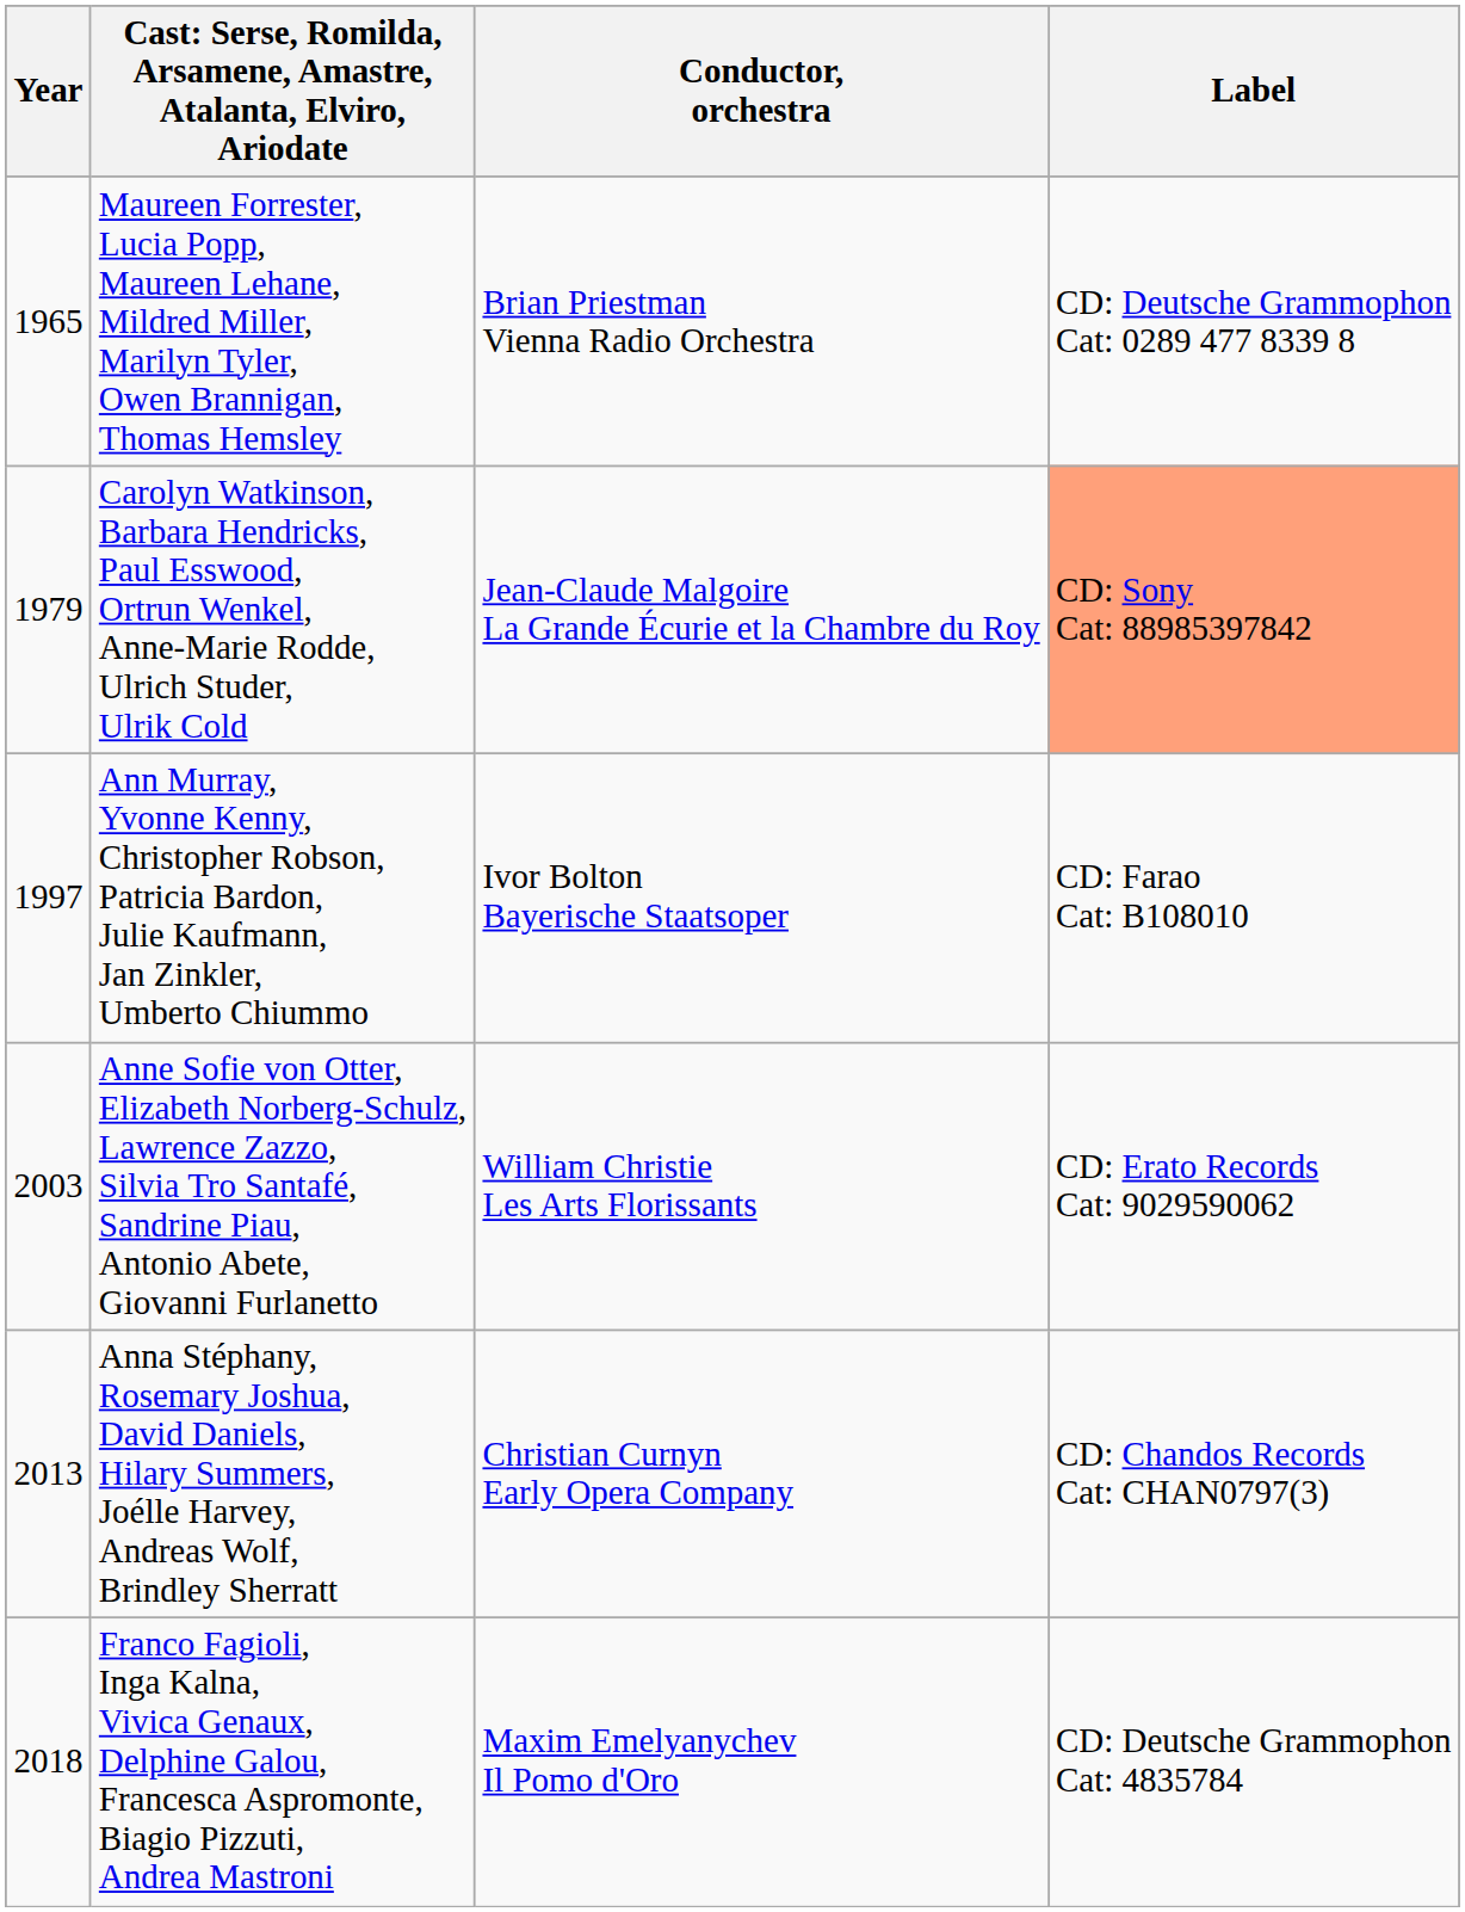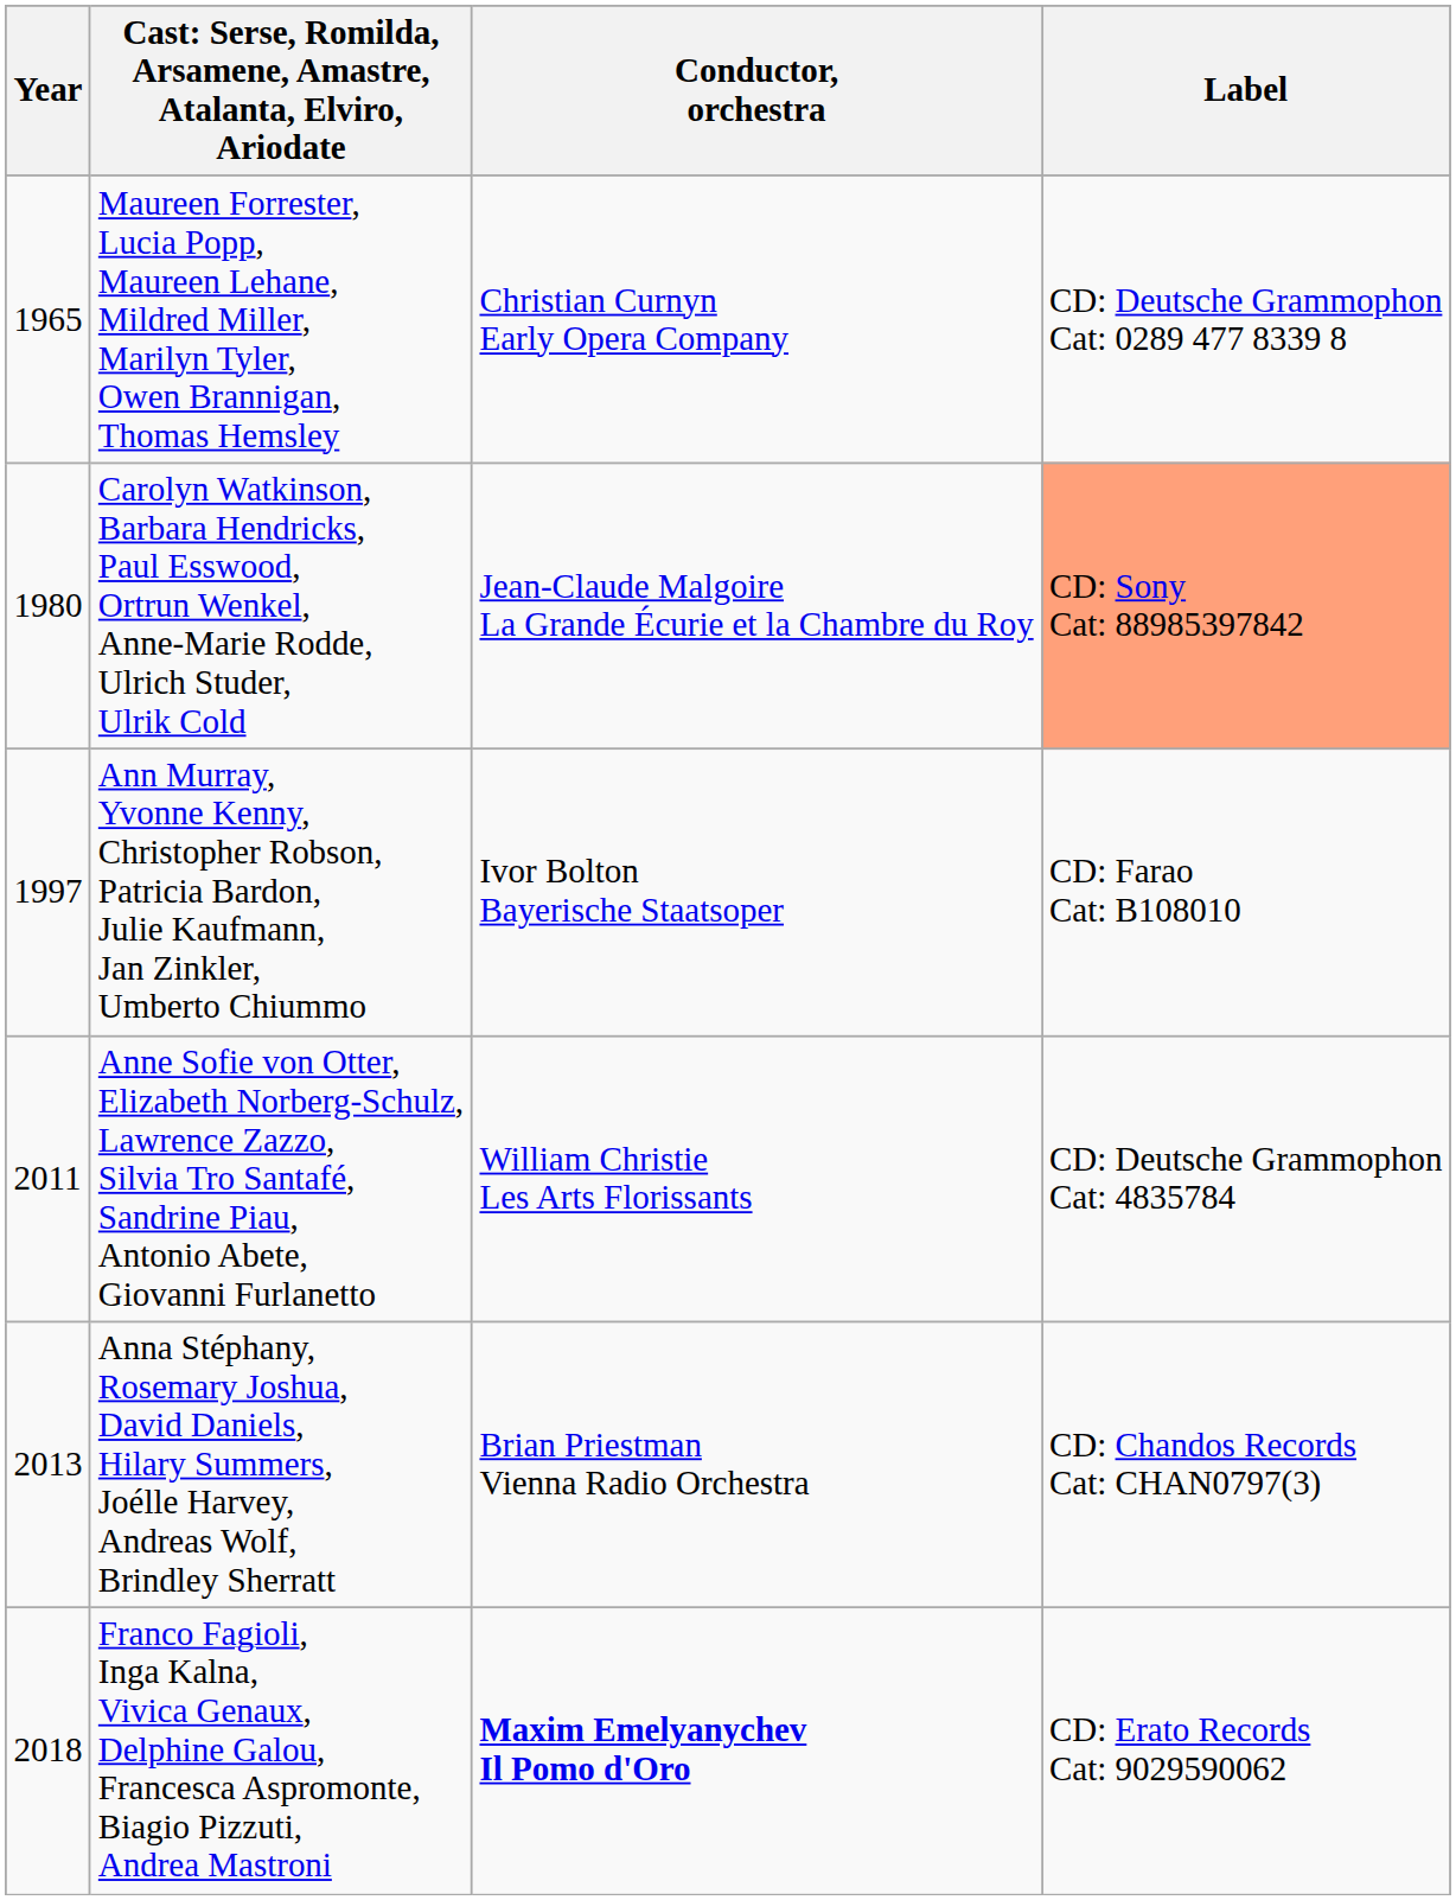 <table class="wikitable">
 <tr>
 <th>Year</th>
 <th>Cast: Serse, Romilda,<br>Arsamene, Amastre,<br>Atalanta, Elviro,<br>Ariodate</th>
 <th>Conductor,<br>orchestra</th>
 <th>Label</th>
 </tr>
 <tr>
 <td>1965</td>
 <td><a href='#'>Maureen Forrester</a>,<br><a href='#'>Lucia Popp</a>,<br><a href='#'>Maureen Lehane</a>,<br><a href='#'>Mildred Miller</a>,<br><a href='#'>Marilyn Tyler</a>,<br><a href='#'>Owen Brannigan</a>,<br><a href='#'>Thomas Hemsley</a></td>
-<td><a href='#'>Brian Priestman</a><br>Vienna Radio Orchestra</td>
+<td><a href='#'>Christian Curnyn</a><br><a href='#'>Early Opera Company</a></td>
 <td>CD: <a href='#'>Deutsche Grammophon</a><br>Cat: 0289 477 8339 8</td>
 </tr>
 <tr>
-<td>1979</td>
+<td>1980</td>
 <td><a href='#'>Carolyn Watkinson</a>,<br><a href='#'>Barbara Hendricks</a>,<br><a href='#'>Paul Esswood</a>,<br><a href='#'>Ortrun Wenkel</a>,<br>Anne-Marie Rodde,<br>Ulrich Studer,<br><a href='#'>Ulrik Cold</a></td>
 <td><a href='#'>Jean-Claude Malgoire</a><br><a href='#'>La Grande Écurie et la Chambre du Roy</a></td>
 <td style="background: lightsalmon;">CD: <a href='#'>Sony</a><br>Cat: 88985397842</td>
 </tr>
 <tr>
 <td>1997</td>
 <td><a href='#'>Ann Murray</a>,<br><a href='#'>Yvonne Kenny</a>,<br>Christopher Robson,<br>Patricia Bardon,<br>Julie Kaufmann,<br>Jan Zinkler,<br>Umberto Chiummo</td>
 <td>Ivor Bolton<br><a href='#'>Bayerische Staatsoper</a></td>
 <td>CD: Farao<br>Cat: B108010</td>
 </tr>
 <tr>
-<td>2003</td>
+<td>2011</td>
 <td><a href='#'>Anne Sofie von Otter</a>,<br><a href='#'>Elizabeth Norberg-Schulz</a>,<br><a href='#'>Lawrence Zazzo</a>,<br><a href='#'>Silvia Tro Santafé</a>,<br><a href='#'>Sandrine Piau</a>,<br>Antonio Abete,<br>Giovanni Furlanetto</td>
 <td><a href='#'>William Christie</a><br><a href='#'>Les Arts Florissants</a></td>
-<td>CD: <a href='#'>Erato Records</a><br>Cat: 9029590062</td>
+<td>CD: Deutsche Grammophon<br>Cat: 4835784</td>
 </tr>
 <tr>
 <td>2013</td>
 <td>Anna Stéphany,<br><a href='#'>Rosemary Joshua</a>,<br><a href='#'>David Daniels</a>,<br><a href='#'>Hilary Summers</a>,<br>Joélle Harvey,<br>Andreas Wolf,<br>Brindley Sherratt</td>
-<td><a href='#'>Christian Curnyn</a><br><a href='#'>Early Opera Company</a></td>
+<td><a href='#'>Brian Priestman</a><br>Vienna Radio Orchestra</td>
 <td>CD: <a href='#'>Chandos Records</a><br>Cat: CHAN0797(3)</td>
 </tr>
 <tr>
 <td>2018</td>
 <td><a href='#'>Franco Fagioli</a>,<br>Inga Kalna,<br><a href='#'>Vivica Genaux</a>,<br><a href='#'>Delphine Galou</a>,<br>Francesca Aspromonte,<br>Biagio Pizzuti,<br><a href='#'>Andrea Mastroni</a></td>
-<td><a href='#'>Maxim Emelyanychev</a><br><a href='#'>Il Pomo d'Oro</a></td>
-<td>CD: Deutsche Grammophon<br>Cat: 4835784</td>
+<td><strong><a href='#'>Maxim Emelyanychev</a><br><a href='#'>Il Pomo d'Oro</a></strong></td>
+<td>CD: <a href='#'>Erato Records</a><br>Cat: 9029590062</td>
 </tr>
 </table>
